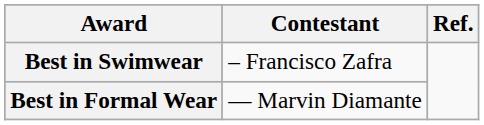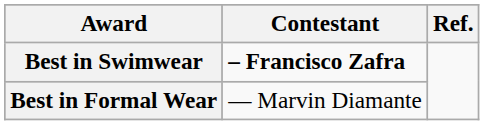 <table class="wikitable sortable" style="font-size: 85%;">
 <tr>
 <th>Award</th>
 <th>Contestant</th>
 <th>Ref.</th>
 </tr>
 <tr>
 <th>Best in Swimwear</th>
-<td> – Francisco Zafra</td>
+<td><strong> – Francisco Zafra</strong></td>
 <td rowspan="2"></td>
 </tr>
 <tr>
 <th>Best in Formal Wear</th>
 <td rowspan="2"> — Marvin Diamante</td>
 </tr>
 </table>
